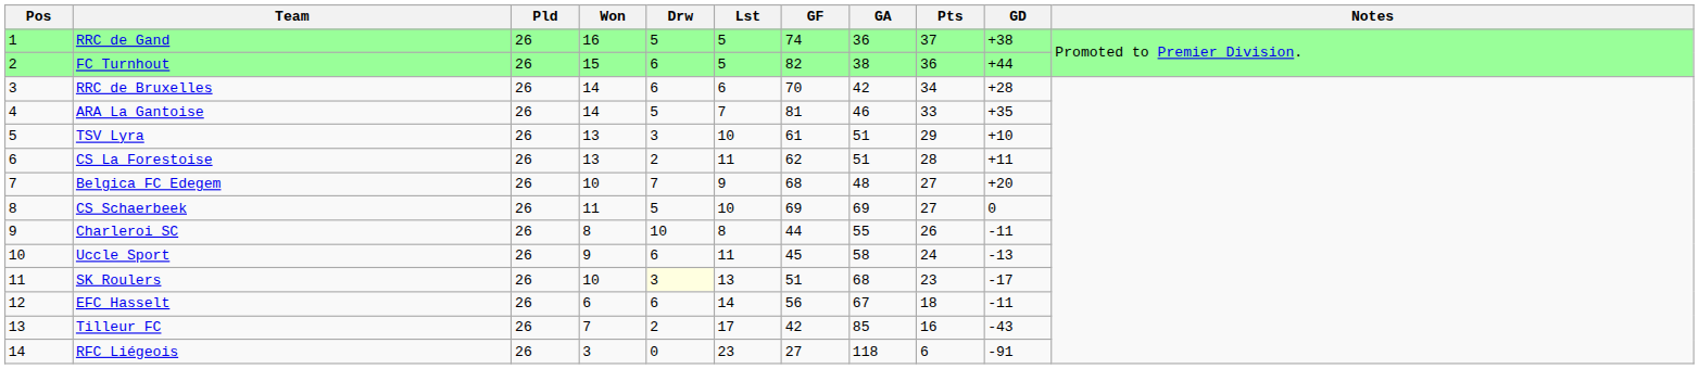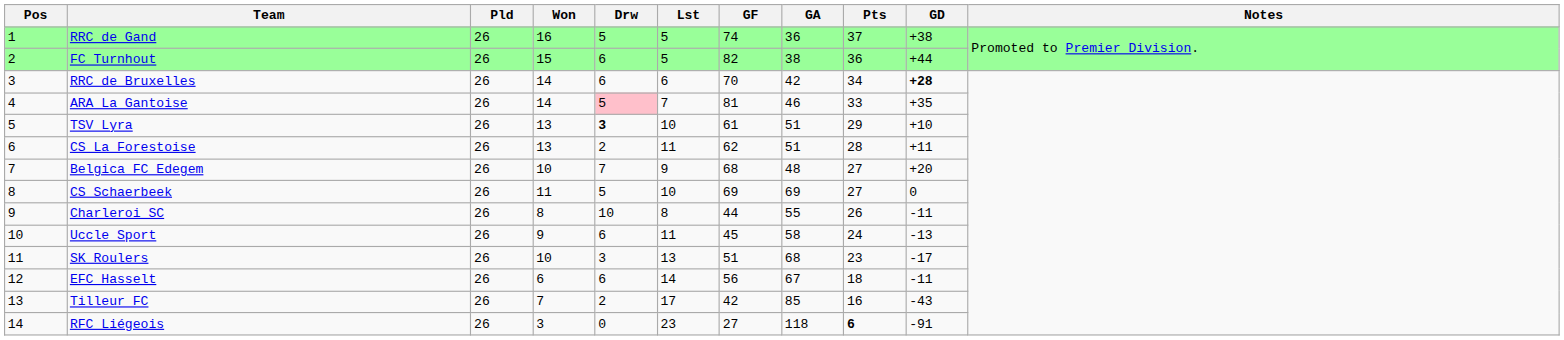 <table class="wikitable" width=70% style="font-size:90%">
 <tr>
 <th width=4%><strong>Pos</strong></th>
 <th width=26%><strong>Team</strong></th>
 <th width=4%><strong>Pld</strong></th>
 <th width=4%><strong>Won</strong></th>
 <th width=4%><strong>Drw</strong></th>
 <th width=4%><strong>Lst</strong></th>
 <th width=4%><strong>GF</strong></th>
 <th width=4%><strong>GA</strong></th>
 <th width=4%><strong>Pts</strong></th>
 <th width=4%><strong>GD</strong></th>
 <th width=38%><strong>Notes</strong></th>
 </tr>
 <tr bgcolor=99ff99>
 <td>1</td>
 <td><a href='#'>RRC de Gand</a></td>
 <td>26</td>
 <td>16</td>
 <td>5</td>
 <td>5</td>
 <td>74</td>
 <td>36</td>
 <td>37</td>
 <td>+38</td>
 <td rowspan=2>Promoted to <a href='#'>Premier Division</a>.</td>
 </tr>
 <tr bgcolor=#99ff99>
 <td>2</td>
 <td><a href='#'>FC Turnhout</a></td>
 <td>26</td>
 <td>15</td>
 <td>6</td>
 <td>5</td>
 <td>82</td>
 <td>38</td>
 <td>36</td>
 <td>+44</td>
 </tr>
 <tr>
 <td>3</td>
 <td><a href='#'>RRC de Bruxelles</a></td>
 <td>26</td>
 <td>14</td>
 <td>6</td>
 <td>6</td>
 <td>70</td>
 <td>42</td>
 <td>34</td>
-<td>+28</td>
+<td><strong>+28</strong></td>
 </tr>
 <tr>
 <td>4</td>
 <td><a href='#'>ARA La Gantoise</a></td>
 <td>26</td>
 <td>14</td>
-<td>5</td>
+<td style="background: pink;">5</td>
 <td>7</td>
 <td>81</td>
 <td>46</td>
 <td>33</td>
 <td>+35</td>
 </tr>
 <tr>
 <td>5</td>
 <td><a href='#'>TSV Lyra</a></td>
 <td>26</td>
 <td>13</td>
-<td>3</td>
+<td><strong>3</strong></td>
 <td>10</td>
 <td>61</td>
 <td>51</td>
 <td>29</td>
 <td>+10</td>
 </tr>
 <tr>
 <td>6</td>
 <td><a href='#'>CS La Forestoise</a></td>
 <td>26</td>
 <td>13</td>
 <td>2</td>
 <td>11</td>
 <td>62</td>
 <td>51</td>
 <td>28</td>
 <td>+11</td>
 </tr>
 <tr>
 <td>7</td>
 <td><a href='#'>Belgica FC Edegem</a></td>
 <td>26</td>
 <td>10</td>
 <td>7</td>
 <td>9</td>
 <td>68</td>
 <td>48</td>
 <td>27</td>
 <td>+20</td>
 </tr>
 <tr>
 <td>8</td>
 <td><a href='#'>CS Schaerbeek</a></td>
 <td>26</td>
 <td>11</td>
 <td>5</td>
 <td>10</td>
 <td>69</td>
 <td>69</td>
 <td>27</td>
 <td>0</td>
 </tr>
 <tr>
 <td>9</td>
 <td><a href='#'>Charleroi SC</a></td>
 <td>26</td>
 <td>8</td>
 <td>10</td>
 <td>8</td>
 <td>44</td>
 <td>55</td>
 <td>26</td>
 <td>-11</td>
 </tr>
 <tr>
 <td>10</td>
 <td><a href='#'>Uccle Sport</a></td>
 <td>26</td>
 <td>9</td>
 <td>6</td>
 <td>11</td>
 <td>45</td>
 <td>58</td>
 <td>24</td>
 <td>-13</td>
 </tr>
 <tr>
 <td>11</td>
 <td><a href='#'>SK Roulers</a></td>
 <td>26</td>
 <td>10</td>
-<td style="background: lightyellow;">3</td>
+<td>3</td>
 <td>13</td>
 <td>51</td>
 <td>68</td>
 <td>23</td>
 <td>-17</td>
 </tr>
 <tr>
 <td>12</td>
 <td><a href='#'>EFC Hasselt</a></td>
 <td>26</td>
 <td>6</td>
 <td>6</td>
 <td>14</td>
 <td>56</td>
 <td>67</td>
 <td>18</td>
 <td>-11</td>
 </tr>
 <tr>
 <td>13</td>
 <td><a href='#'>Tilleur FC</a></td>
 <td>26</td>
 <td>7</td>
 <td>2</td>
 <td>17</td>
 <td>42</td>
 <td>85</td>
 <td>16</td>
 <td>-43</td>
 </tr>
 <tr>
 <td>14</td>
 <td><a href='#'>RFC Liégeois</a></td>
 <td>26</td>
 <td>3</td>
 <td>0</td>
 <td>23</td>
 <td>27</td>
 <td>118</td>
-<td>6</td>
+<td><strong>6</strong></td>
 <td>-91</td>
 </tr>
 </table>
